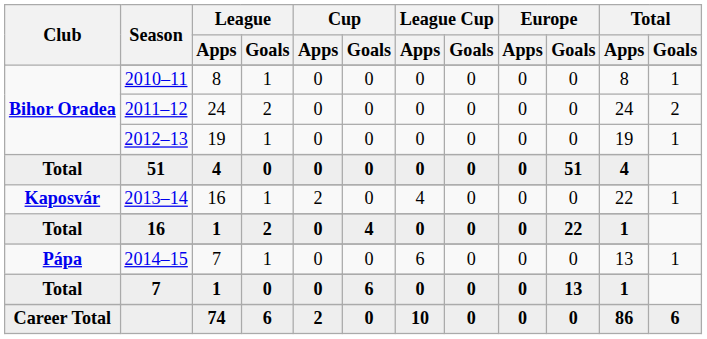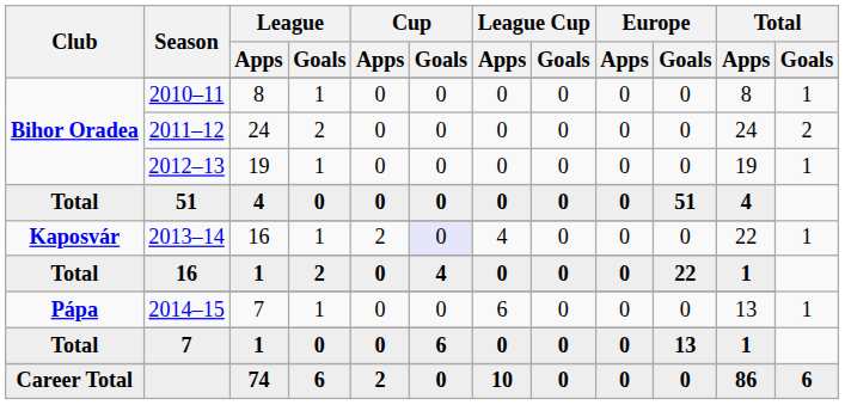 <table class="wikitable" style="font-size:90%; text-align: center;">
 <tr>
 <th rowspan="2">Club</th>
 <th rowspan="2">Season</th>
 <th colspan="2">League</th>
 <th colspan="2">Cup</th>
 <th colspan="2">League Cup</th>
 <th colspan="2">Europe</th>
 <th colspan="2">Total</th>
 </tr>
 <tr>
 <th>Apps</th>
 <th>Goals</th>
 <th>Apps</th>
 <th>Goals</th>
 <th>Apps</th>
 <th>Goals</th>
 <th>Apps</th>
 <th>Goals</th>
 <th>Apps</th>
 <th>Goals</th>
 </tr>
 <tr ||-||-||-|->
 <td rowspan="5" valign="center"><strong><a href='#'>Bihor Oradea</a></strong></td>
 </tr>
 <tr>
 <td><a href='#'>2010–11</a></td>
 <td>8</td>
 <td>1</td>
 <td>0</td>
 <td>0</td>
 <td>0</td>
 <td>0</td>
 <td>0</td>
 <td>0</td>
 <td>8</td>
 <td>1</td>
 </tr>
 <tr>
 <td><a href='#'>2011–12</a></td>
 <td>24</td>
 <td>2</td>
 <td>0</td>
 <td>0</td>
 <td>0</td>
 <td>0</td>
 <td>0</td>
 <td>0</td>
 <td>24</td>
 <td>2</td>
 </tr>
 <tr>
 <td><a href='#'>2012–13</a></td>
 <td>19</td>
 <td>1</td>
 <td>0</td>
 <td>0</td>
 <td>0</td>
 <td>0</td>
 <td>0</td>
 <td>0</td>
 <td>19</td>
 <td>1</td>
 </tr>
 <tr>
 </tr>
 <tr style="font-weight:bold; background-color:#eeeeee;">
 <td>Total</td>
 <td>51</td>
 <td>4</td>
 <td>0</td>
 <td>0</td>
 <td>0</td>
 <td>0</td>
 <td>0</td>
 <td>0</td>
 <td>51</td>
 <td>4</td>
 </tr>
 <tr>
 <td rowspan="3" valign="center"><strong><a href='#'>Kaposvár</a></strong></td>
 </tr>
 <tr>
 <td><a href='#'>2013–14</a></td>
 <td>16</td>
 <td>1</td>
 <td>2</td>
-<td>0</td>
+<td style="background: lavender;">0</td>
 <td>4</td>
 <td>0</td>
 <td>0</td>
 <td>0</td>
 <td>22</td>
 <td>1</td>
 </tr>
 <tr>
 </tr>
 <tr style="font-weight:bold; background-color:#eeeeee;">
 <td>Total</td>
 <td>16</td>
 <td>1</td>
 <td>2</td>
 <td>0</td>
 <td>4</td>
 <td>0</td>
 <td>0</td>
 <td>0</td>
 <td>22</td>
 <td>1</td>
 </tr>
 <tr>
 <td rowspan="3" valign="center"><strong><a href='#'>Pápa</a></strong></td>
 </tr>
 <tr>
 <td><a href='#'>2014–15</a></td>
 <td>7</td>
 <td>1</td>
 <td>0</td>
 <td>0</td>
 <td>6</td>
 <td>0</td>
 <td>0</td>
 <td>0</td>
 <td>13</td>
 <td>1</td>
 </tr>
 <tr>
 </tr>
 <tr style="font-weight:bold; background-color:#eeeeee;">
 <td>Total</td>
 <td>7</td>
 <td>1</td>
 <td>0</td>
 <td>0</td>
 <td>6</td>
 <td>0</td>
 <td>0</td>
 <td>0</td>
 <td>13</td>
 <td>1</td>
 </tr>
 <tr>
 </tr>
 <tr style="font-weight:bold; background-color:#eeeeee;">
 <td rowspan="2" valign="top"><strong>Career Total</strong></td>
 <td></td>
 <td><strong>74</strong></td>
 <td><strong>6</strong></td>
 <td><strong>2</strong></td>
 <td><strong>0</strong></td>
 <td><strong>10</strong></td>
 <td><strong>0</strong></td>
 <td><strong>0</strong></td>
 <td><strong>0</strong></td>
 <td><strong>86</strong></td>
 <td><strong>6</strong></td>
 </tr>
 </table>
